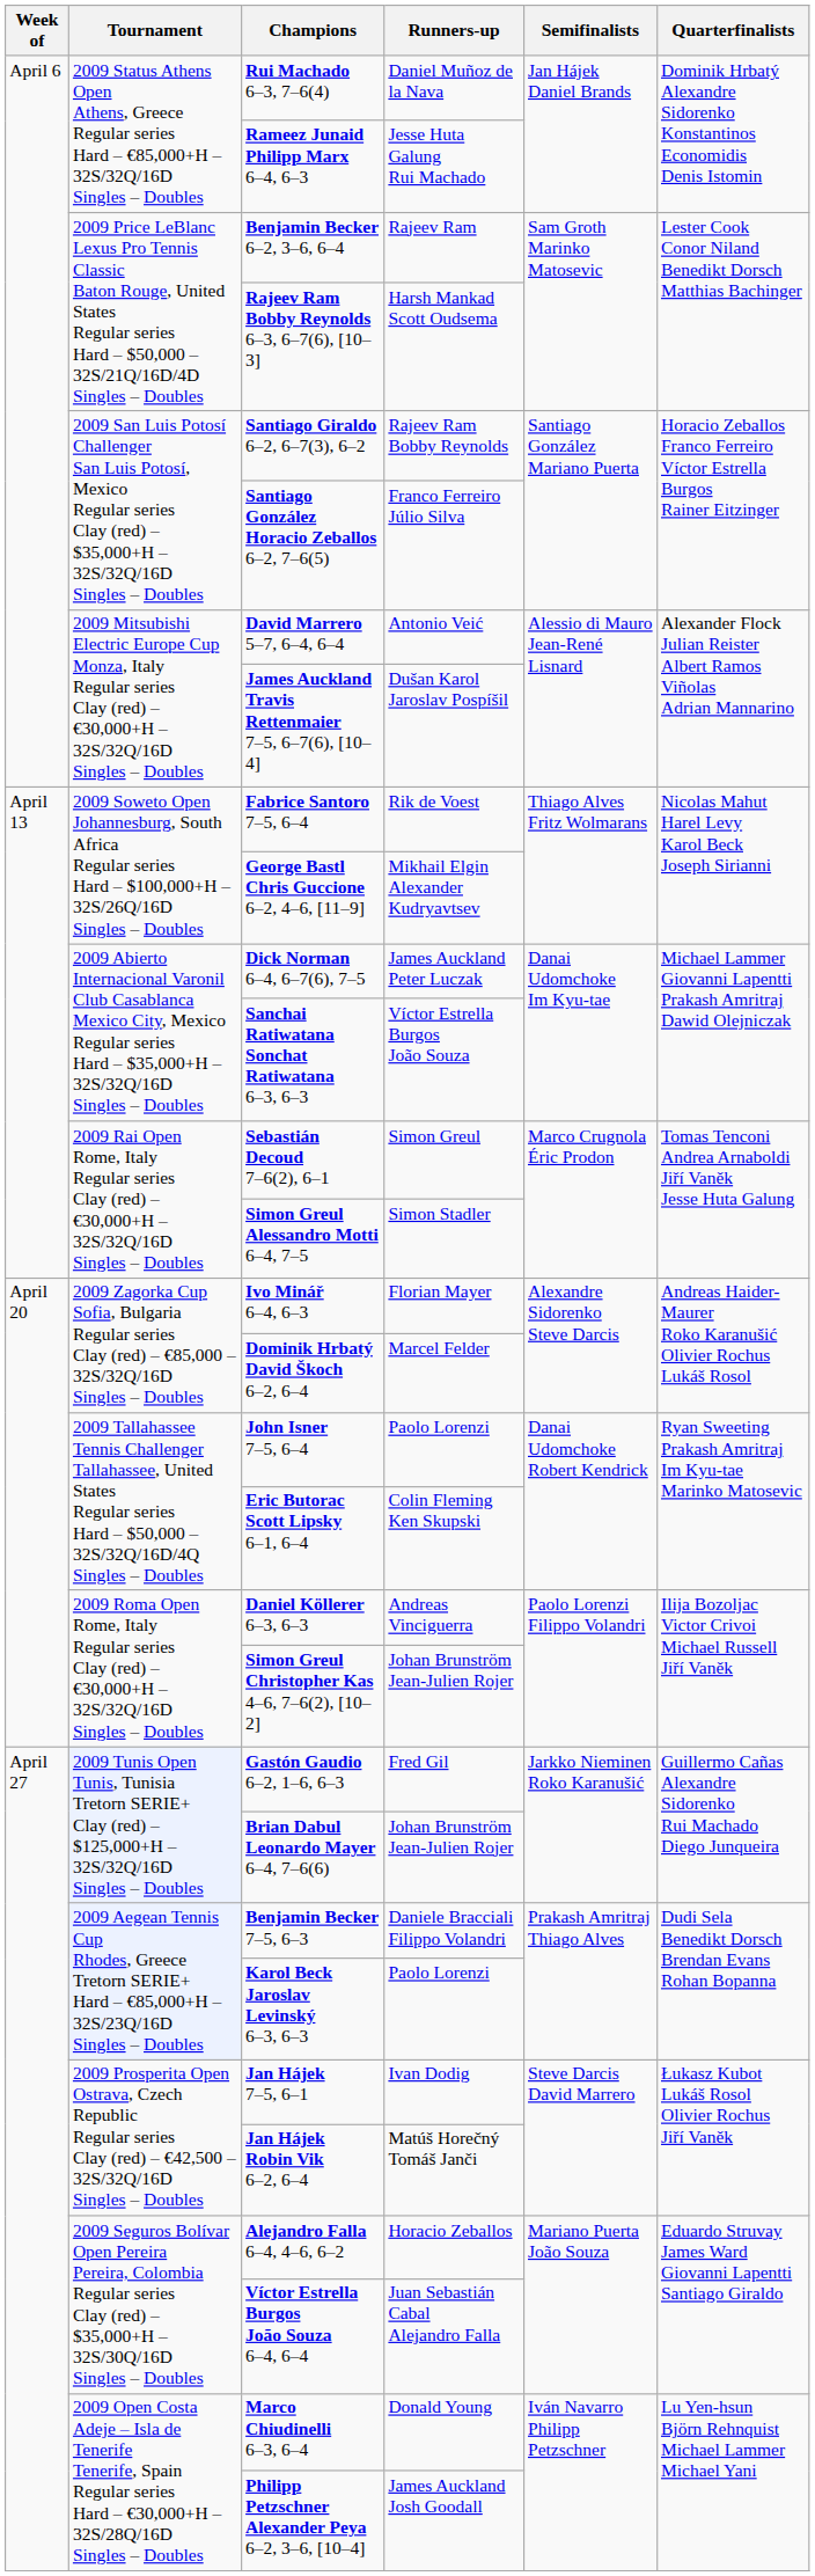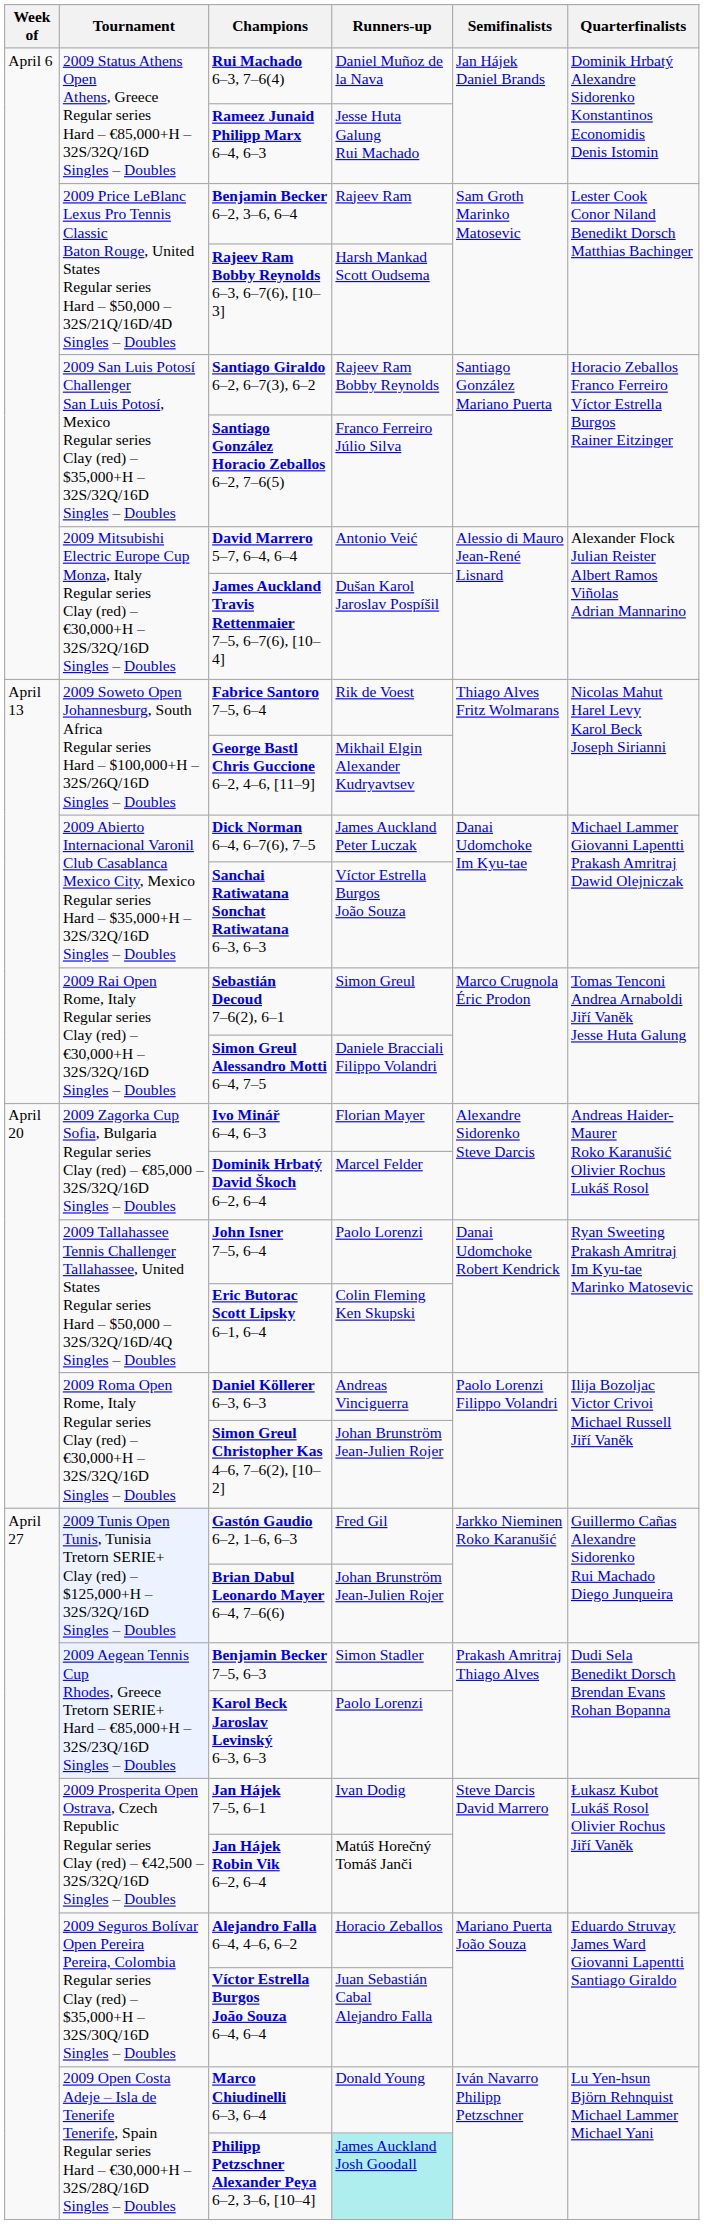 <table class="wikitable" style="font-size:85%;">
 <tr>
 <th width="75">Week of</th>
 <th width="230">Tournament</th>
 <th width="210">Champions</th>
 <th width="210">Runners-up</th>
 <th width="170">Semifinalists</th>
 <th width="170">Quarterfinalists</th>
 </tr>
 <tr valign=top>
 <td rowspan=8>April 6</td>
 <td rowspan=2><a href='#'>2009 Status Athens Open</a><br> <a href='#'>Athens</a>, Greece<br>Regular series<br>Hard – €85,000+H – 32S/32Q/16D<br><a href='#'>Singles</a> – <a href='#'>Doubles</a></td>
 <td> <strong><a href='#'>Rui Machado</a></strong><br>6–3, 7–6(4)</td>
 <td> <a href='#'>Daniel Muñoz de la Nava</a></td>
 <td rowspan=2> <a href='#'>Jan Hájek</a><br> <a href='#'>Daniel Brands</a></td>
 <td rowspan=2> <a href='#'>Dominik Hrbatý</a><br> <a href='#'>Alexandre Sidorenko</a><br> <a href='#'>Konstantinos Economidis</a><br> <a href='#'>Denis Istomin</a></td>
 </tr>
 <tr valign=top>
 <td> <strong><a href='#'>Rameez Junaid</a></strong><br> <strong><a href='#'>Philipp Marx</a></strong><br>6–4, 6–3</td>
 <td> <a href='#'>Jesse Huta Galung</a> <br> <a href='#'>Rui Machado</a></td>
 </tr>
 <tr valign=top>
 <td rowspan=2><a href='#'>2009 Price LeBlanc Lexus Pro Tennis Classic</a><br> <a href='#'>Baton Rouge</a>, United States<br>Regular series<br>Hard – $50,000 – 32S/21Q/16D/4D<br><a href='#'>Singles</a> – <a href='#'>Doubles</a></td>
 <td> <strong><a href='#'>Benjamin Becker</a></strong><br>6–2, 3–6, 6–4</td>
 <td> <a href='#'>Rajeev Ram</a></td>
 <td rowspan=2> <a href='#'>Sam Groth</a><br> <a href='#'>Marinko Matosevic</a></td>
 <td rowspan=2> <a href='#'>Lester Cook</a><br> <a href='#'>Conor Niland</a><br> <a href='#'>Benedikt Dorsch</a><br> <a href='#'>Matthias Bachinger</a></td>
 </tr>
 <tr valign=top>
 <td> <strong><a href='#'>Rajeev Ram</a></strong><br> <strong><a href='#'>Bobby Reynolds</a></strong><br>6–3, 6–7(6), [10–3]</td>
 <td> <a href='#'>Harsh Mankad</a><br> <a href='#'>Scott Oudsema</a></td>
 </tr>
 <tr valign=top>
 <td rowspan=2><a href='#'>2009 San Luis Potosí Challenger</a><br> <a href='#'>San Luis Potosí</a>, Mexico<br>Regular series<br>Clay (red) – $35,000+H – 32S/32Q/16D<br><a href='#'>Singles</a> – <a href='#'>Doubles</a></td>
 <td> <strong><a href='#'>Santiago Giraldo</a></strong><br>6–2, 6–7(3), 6–2</td>
 <td> <a href='#'>Rajeev Ram</a><br> <a href='#'>Bobby Reynolds</a></td>
 <td rowspan=2> <a href='#'>Santiago González</a><br> <a href='#'>Mariano Puerta</a></td>
 <td rowspan=2> <a href='#'>Horacio Zeballos</a><br> <a href='#'>Franco Ferreiro</a><br> <a href='#'>Víctor Estrella Burgos</a><br> <a href='#'>Rainer Eitzinger</a></td>
 </tr>
 <tr valign=top>
 <td> <strong><a href='#'>Santiago González</a></strong><br> <strong><a href='#'>Horacio Zeballos</a></strong><br>6–2, 7–6(5)</td>
 <td> <a href='#'>Franco Ferreiro</a><br> <a href='#'>Júlio Silva</a></td>
 </tr>
 <tr valign=top>
 <td rowspan=2><a href='#'>2009 Mitsubishi Electric Europe Cup</a><br> <a href='#'>Monza</a>, Italy<br>Regular series<br>Clay (red) – €30,000+H – 32S/32Q/16D<br><a href='#'>Singles</a> – <a href='#'>Doubles</a></td>
 <td> <strong><a href='#'>David Marrero</a></strong><br>5–7, 6–4, 6–4</td>
 <td> <a href='#'>Antonio Veić</a></td>
 <td rowspan=2> <a href='#'>Alessio di Mauro</a><br> <a href='#'>Jean-René Lisnard</a></td>
 <td rowspan=2> Alexander Flock<br> <a href='#'>Julian Reister</a><br> <a href='#'>Albert Ramos Viñolas</a><br> <a href='#'>Adrian Mannarino</a></td>
 </tr>
 <tr valign=top>
 <td> <strong><a href='#'>James Auckland</a></strong><br> <strong><a href='#'>Travis Rettenmaier</a></strong><br>7–5, 6–7(6), [10–4]</td>
 <td> <a href='#'>Dušan Karol</a><br> <a href='#'>Jaroslav Pospíšil</a></td>
 </tr>
 <tr valign=top>
 <td rowspan=6>April 13</td>
 <td rowspan=2><a href='#'>2009 Soweto Open</a><br> <a href='#'>Johannesburg</a>, South Africa<br>Regular series<br>Hard – $100,000+H – 32S/26Q/16D<br><a href='#'>Singles</a> – <a href='#'>Doubles</a></td>
 <td> <strong><a href='#'>Fabrice Santoro</a></strong><br>7–5, 6–4</td>
 <td> <a href='#'>Rik de Voest</a></td>
 <td rowspan=2> <a href='#'>Thiago Alves</a><br> <a href='#'>Fritz Wolmarans</a></td>
 <td rowspan=2> <a href='#'>Nicolas Mahut</a><br> <a href='#'>Harel Levy</a><br> <a href='#'>Karol Beck</a><br> <a href='#'>Joseph Sirianni</a></td>
 </tr>
 <tr valign=top>
 <td> <strong><a href='#'>George Bastl</a></strong><br> <strong><a href='#'>Chris Guccione</a></strong><br>6–2, 4–6, [11–9]</td>
 <td> <a href='#'>Mikhail Elgin</a><br> <a href='#'>Alexander Kudryavtsev</a></td>
 </tr>
 <tr valign=top>
 <td rowspan=2><a href='#'>2009 Abierto Internacional Varonil Club Casablanca</a><br>  <a href='#'>Mexico City</a>, Mexico<br>Regular series<br>Hard – $35,000+H – 32S/32Q/16D<br><a href='#'>Singles</a> – <a href='#'>Doubles</a></td>
 <td> <strong><a href='#'>Dick Norman</a></strong><br>6–4, 6–7(6), 7–5</td>
 <td> <a href='#'>James Auckland</a><br> <a href='#'>Peter Luczak</a></td>
 <td rowspan=2> <a href='#'>Danai Udomchoke</a><br> <a href='#'>Im Kyu-tae</a></td>
 <td rowspan=2> <a href='#'>Michael Lammer</a><br> <a href='#'>Giovanni Lapentti</a><br> <a href='#'>Prakash Amritraj</a><br> <a href='#'>Dawid Olejniczak</a></td>
 </tr>
 <tr valign=top>
 <td> <strong><a href='#'>Sanchai Ratiwatana</a></strong><br> <strong><a href='#'>Sonchat Ratiwatana</a></strong><br>6–3, 6–3</td>
 <td> <a href='#'>Víctor Estrella Burgos</a><br> <a href='#'>João Souza</a></td>
 </tr>
 <tr valign=top>
 <td rowspan=2><a href='#'>2009 Rai Open</a><br> Rome, Italy<br>Regular series<br>Clay (red) – €30,000+H – 32S/32Q/16D<br><a href='#'>Singles</a> – <a href='#'>Doubles</a></td>
 <td> <strong><a href='#'>Sebastián Decoud</a></strong><br>7–6(2), 6–1</td>
 <td> <a href='#'>Simon Greul</a></td>
 <td rowspan=2> <a href='#'>Marco Crugnola</a><br> <a href='#'>Éric Prodon</a></td>
 <td rowspan=2> <a href='#'>Tomas Tenconi</a><br> <a href='#'>Andrea Arnaboldi</a><br> <a href='#'>Jiří Vaněk</a><br> <a href='#'>Jesse Huta Galung</a></td>
 </tr>
 <tr valign=top>
 <td> <strong><a href='#'>Simon Greul</a></strong><br> <strong><a href='#'>Alessandro Motti</a></strong><br>6–4, 7–5</td>
-<td> <a href='#'>Simon Stadler</a></td>
+<td> <a href='#'>Daniele Bracciali</a><br> <a href='#'>Filippo Volandri</a></td>
 </tr>
 <tr valign=top>
 <td rowspan=6>April 20</td>
 <td rowspan=2><a href='#'>2009 Zagorka Cup</a><br> <a href='#'>Sofia</a>, Bulgaria<br>Regular series<br>Clay (red) – €85,000 – 32S/32Q/16D<br><a href='#'>Singles</a> – <a href='#'>Doubles</a></td>
 <td> <strong><a href='#'>Ivo Minář</a></strong><br>6–4, 6–3</td>
 <td> <a href='#'>Florian Mayer</a></td>
 <td rowspan=2> <a href='#'>Alexandre Sidorenko</a><br> <a href='#'>Steve Darcis</a></td>
 <td rowspan=2> <a href='#'>Andreas Haider-Maurer</a><br> <a href='#'>Roko Karanušić</a><br> <a href='#'>Olivier Rochus</a><br> <a href='#'>Lukáš Rosol</a></td>
 </tr>
 <tr valign=top>
 <td> <strong><a href='#'>Dominik Hrbatý</a></strong><br> <strong><a href='#'>David Škoch</a></strong><br>6–2, 6–4</td>
 <td> <a href='#'>Marcel Felder</a></td>
 </tr>
 <tr valign=top>
 <td rowspan=2><a href='#'>2009 Tallahassee Tennis Challenger</a><br> <a href='#'>Tallahassee</a>, United States<br>Regular series<br>Hard – $50,000 – 32S/32Q/16D/4Q<br><a href='#'>Singles</a> – <a href='#'>Doubles</a></td>
 <td> <strong><a href='#'>John Isner</a></strong><br>7–5, 6–4</td>
 <td> <a href='#'>Paolo Lorenzi</a></td>
 <td rowspan=2> <a href='#'>Danai Udomchoke</a><br> <a href='#'>Robert Kendrick</a></td>
 <td rowspan=2> <a href='#'>Ryan Sweeting</a><br> <a href='#'>Prakash Amritraj</a><br> <a href='#'>Im Kyu-tae</a><br> <a href='#'>Marinko Matosevic</a></td>
 </tr>
 <tr valign=top>
 <td> <strong><a href='#'>Eric Butorac</a></strong><br> <strong><a href='#'>Scott Lipsky</a></strong><br>6–1, 6–4</td>
 <td> <a href='#'>Colin Fleming</a><br> <a href='#'>Ken Skupski</a></td>
 </tr>
 <tr valign=top>
 <td rowspan=2><a href='#'>2009 Roma Open</a><br> Rome, Italy<br>Regular series<br>Clay (red) – €30,000+H – 32S/32Q/16D<br><a href='#'>Singles</a> – <a href='#'>Doubles</a></td>
 <td> <strong><a href='#'>Daniel Köllerer</a></strong><br>6–3, 6–3</td>
 <td> <a href='#'>Andreas Vinciguerra</a></td>
 <td rowspan=2> <a href='#'>Paolo Lorenzi</a><br> <a href='#'>Filippo Volandri</a></td>
 <td rowspan=2> <a href='#'>Ilija Bozoljac</a><br> <a href='#'>Victor Crivoi</a><br> <a href='#'>Michael Russell</a><br> <a href='#'>Jiří Vaněk</a></td>
 </tr>
 <tr valign=top>
 <td> <strong><a href='#'>Simon Greul</a></strong><br> <strong><a href='#'>Christopher Kas</a></strong><br>4–6, 7–6(2), [10–2]</td>
 <td> <a href='#'>Johan Brunström</a><br> <a href='#'>Jean-Julien Rojer</a></td>
 </tr>
 <tr valign=top>
 <td rowspan=10>April 27</td>
 <td bgcolor="#ECF2FF" rowspan=2><a href='#'>2009 Tunis Open</a><br> <a href='#'>Tunis</a>, Tunisia<br>Tretorn SERIE+<br>Clay (red) – $125,000+H – 32S/32Q/16D<br><a href='#'>Singles</a> – <a href='#'>Doubles</a></td>
 <td> <strong><a href='#'>Gastón Gaudio</a></strong><br>6–2, 1–6, 6–3</td>
 <td> <a href='#'>Fred Gil</a></td>
 <td rowspan=2> <a href='#'>Jarkko Nieminen</a><br> <a href='#'>Roko Karanušić</a></td>
 <td rowspan=2> <a href='#'>Guillermo Cañas</a><br> <a href='#'>Alexandre Sidorenko</a><br> <a href='#'>Rui Machado</a><br> <a href='#'>Diego Junqueira</a></td>
 </tr>
 <tr valign=top>
 <td> <strong><a href='#'>Brian Dabul</a></strong><br> <strong><a href='#'>Leonardo Mayer</a></strong><br>6–4, 7–6(6)</td>
 <td> <a href='#'>Johan Brunström</a><br> <a href='#'>Jean-Julien Rojer</a></td>
 </tr>
 <tr valign=top>
 <td bgcolor="#ECF2FF" rowspan=2><a href='#'>2009 Aegean Tennis Cup</a><br> <a href='#'>Rhodes</a>, Greece<br>Tretorn SERIE+<br>Hard – €85,000+H – 32S/23Q/16D<br><a href='#'>Singles</a> – <a href='#'>Doubles</a></td>
 <td> <strong><a href='#'>Benjamin Becker</a></strong><br>7–5, 6–3</td>
-<td> <a href='#'>Daniele Bracciali</a><br> <a href='#'>Filippo Volandri</a></td>
+<td> <a href='#'>Simon Stadler</a></td>
 <td rowspan=2> <a href='#'>Prakash Amritraj</a><br> <a href='#'>Thiago Alves</a></td>
 <td rowspan=2> <a href='#'>Dudi Sela</a><br> <a href='#'>Benedikt Dorsch</a><br> <a href='#'>Brendan Evans</a><br> <a href='#'>Rohan Bopanna</a></td>
 </tr>
 <tr valign=top>
 <td> <strong><a href='#'>Karol Beck</a></strong><br> <strong><a href='#'>Jaroslav Levinský</a></strong><br>6–3, 6–3</td>
 <td> <a href='#'>Paolo Lorenzi</a></td>
 </tr>
 <tr valign=top>
 <td rowspan=2><a href='#'>2009 Prosperita Open</a><br> <a href='#'>Ostrava</a>, Czech Republic<br>Regular series<br>Clay (red) – €42,500 – 32S/32Q/16D<br><a href='#'>Singles</a> – <a href='#'>Doubles</a></td>
 <td> <strong><a href='#'>Jan Hájek</a></strong><br>7–5, 6–1</td>
 <td> <a href='#'>Ivan Dodig</a></td>
 <td rowspan=2> <a href='#'>Steve Darcis</a><br> <a href='#'>David Marrero</a></td>
 <td rowspan=2> <a href='#'>Łukasz Kubot</a><br> <a href='#'>Lukáš Rosol</a><br> <a href='#'>Olivier Rochus</a><br> <a href='#'>Jiří Vaněk</a></td>
 </tr>
 <tr valign=top>
 <td> <strong><a href='#'>Jan Hájek</a></strong><br> <strong><a href='#'>Robin Vik</a></strong><br>6–2, 6–4</td>
 <td> Matúš Horečný<br> Tomáš Janči</td>
 </tr>
 <tr valign=top>
 <td rowspan=2><a href='#'>2009 Seguros Bolívar Open Pereira</a><br> <a href='#'>Pereira, Colombia</a><br>Regular series<br>Clay (red) – $35,000+H – 32S/30Q/16D<br><a href='#'>Singles</a> – <a href='#'>Doubles</a></td>
 <td> <strong><a href='#'>Alejandro Falla</a></strong><br>6–4, 4–6, 6–2</td>
 <td> <a href='#'>Horacio Zeballos</a></td>
 <td rowspan=2> <a href='#'>Mariano Puerta</a><br> <a href='#'>João Souza</a></td>
 <td rowspan=2> <a href='#'>Eduardo Struvay</a><br> <a href='#'>James Ward</a><br> <a href='#'>Giovanni Lapentti</a><br> <a href='#'>Santiago Giraldo</a></td>
 </tr>
 <tr valign=top>
 <td> <strong><a href='#'>Víctor Estrella Burgos</a></strong><br> <strong><a href='#'>João Souza</a></strong><br>6–4, 6–4</td>
 <td> <a href='#'>Juan Sebastián Cabal</a><br> <a href='#'>Alejandro Falla</a></td>
 </tr>
 <tr valign=top>
 <td rowspan=2><a href='#'>2009 Open Costa Adeje – Isla de Tenerife</a><br> <a href='#'>Tenerife</a>, Spain<br>Regular series<br>Hard – €30,000+H – 32S/28Q/16D<br><a href='#'>Singles</a> – <a href='#'>Doubles</a></td>
 <td> <strong><a href='#'>Marco Chiudinelli</a></strong><br>6–3, 6–4</td>
 <td> <a href='#'>Donald Young</a></td>
 <td rowspan=2> <a href='#'>Iván Navarro</a><br> <a href='#'>Philipp Petzschner</a></td>
 <td rowspan=2> <a href='#'>Lu Yen-hsun</a><br> <a href='#'>Björn Rehnquist</a><br> <a href='#'>Michael Lammer</a><br> <a href='#'>Michael Yani</a></td>
 </tr>
 <tr valign=top>
 <td> <strong><a href='#'>Philipp Petzschner</a></strong><br> <strong><a href='#'>Alexander Peya</a></strong><br>6–2, 3–6, [10–4]</td>
-<td> <a href='#'>James Auckland</a><br> <a href='#'>Josh Goodall</a></td>
+<td style="background: paleturquoise;"> <a href='#'>James Auckland</a><br> <a href='#'>Josh Goodall</a></td>
 </tr>
 <tr valign=top>
 </tr>
 </table>
